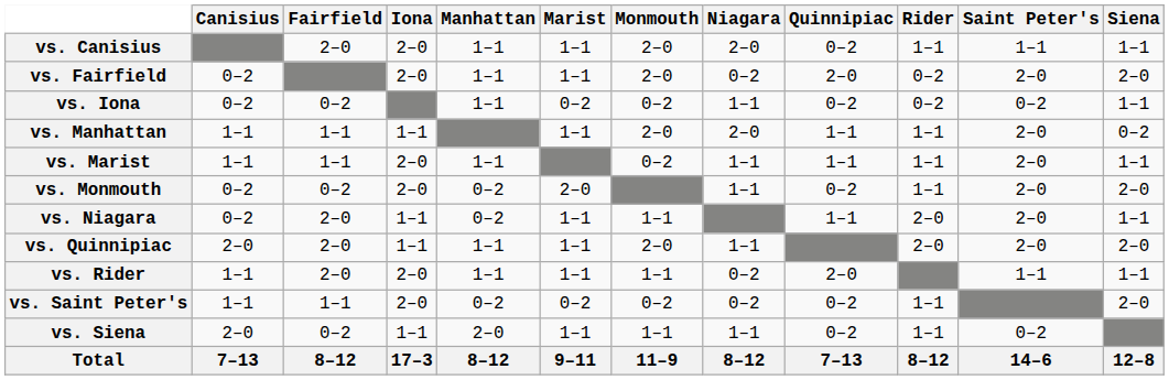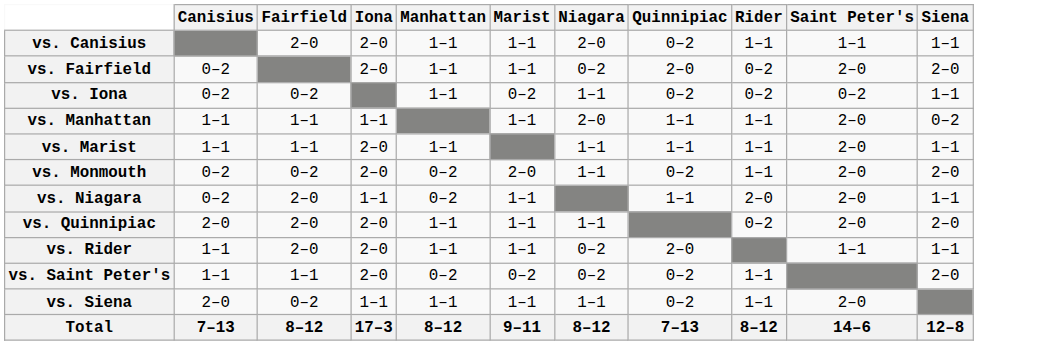 <table class="wikitable" style="white-space:nowrap;">
 <tr>
 <th colspan=1 style="background:white; border-top-style:hidden; border-left-style:hidden;"   width=75> </th>
 <th>Canisius</th>
 <th>Fairfield</th>
 <th>Iona</th>
 <th>Manhattan</th>
 <th>Marist</th>
-<th>Monmouth</th>
 <th>Niagara</th>
 <th>Quinnipiac</th>
 <th>Rider</th>
 <th>Saint Peter's</th>
 <th>Siena</th>
 </tr>
 <tr style="text-align:center;">
 <th>vs. Canisius</th>
 <td style="background:#848482;"></td>
 <td>2–0</td>
 <td>2–0</td>
 <td>1–1</td>
 <td>1–1</td>
 <td>2–0</td>
-<td>2–0</td>
 <td>0–2</td>
 <td>1–1</td>
 <td>1–1</td>
 <td>1–1</td>
 </tr>
 <tr style="text-align:center;">
 <th>vs. Fairfield</th>
 <td>0–2</td>
 <td style="background:#848482;"></td>
 <td>2–0</td>
 <td>1–1</td>
 <td>1–1</td>
-<td>2–0</td>
 <td>0–2</td>
 <td>2–0</td>
 <td>0–2</td>
 <td>2–0</td>
 <td>2–0</td>
 </tr>
 <tr style="text-align:center;">
 <th>vs. Iona</th>
 <td>0–2</td>
 <td>0–2</td>
 <td style="background:#848482;"></td>
 <td>1–1</td>
-<td>0–2</td>
 <td>0–2</td>
 <td>1–1</td>
 <td>0–2</td>
 <td>0–2</td>
 <td>0–2</td>
 <td>1–1</td>
 </tr>
 <tr style="text-align:center;">
 <th>vs. Manhattan</th>
 <td>1–1</td>
 <td>1–1</td>
 <td>1–1</td>
 <td style="background:#848482;"></td>
 <td>1–1</td>
 <td>2–0</td>
-<td>2–0</td>
 <td>1–1</td>
 <td>1–1</td>
 <td>2–0</td>
 <td>0–2</td>
 </tr>
 <tr style="text-align:center;">
 <th>vs. Marist</th>
 <td>1–1</td>
 <td>1–1</td>
 <td>2–0</td>
 <td>1–1</td>
 <td style="background:#848482;"></td>
-<td>0–2</td>
 <td>1–1</td>
 <td>1–1</td>
 <td>1–1</td>
 <td>2–0</td>
 <td>1–1</td>
 </tr>
 <tr style="text-align:center;">
 <th>vs. Monmouth</th>
 <td>0–2</td>
 <td>0–2</td>
 <td>2–0</td>
 <td>0–2</td>
 <td>2–0</td>
-<td style="background:#848482;"></td>
 <td>1–1</td>
 <td>0–2</td>
 <td>1–1</td>
 <td>2–0</td>
 <td>2–0</td>
 </tr>
 <tr style="text-align:center;">
 <th>vs. Niagara</th>
 <td>0–2</td>
 <td>2–0</td>
 <td>1–1</td>
 <td>0–2</td>
 <td>1–1</td>
-<td>1–1</td>
 <td style="background:#848482;"></td>
 <td>1–1</td>
 <td>2–0</td>
 <td>2–0</td>
 <td>1–1</td>
 </tr>
 <tr style="text-align:center;">
 <th>vs. Quinnipiac</th>
 <td>2–0</td>
 <td>2–0</td>
+<td>2–0</td>
 <td>1–1</td>
 <td>1–1</td>
 <td>1–1</td>
-<td>2–0</td>
-<td>1–1</td>
 <td style="background:#848482;"></td>
-<td>2–0</td>
+<td>0–2</td>
 <td>2–0</td>
 <td>2–0</td>
 </tr>
 <tr style="text-align:center;">
 <th>vs. Rider</th>
 <td>1–1</td>
 <td>2–0</td>
 <td>2–0</td>
-<td>1–1</td>
 <td>1–1</td>
 <td>1–1</td>
 <td>0–2</td>
 <td>2–0</td>
 <td style="background:#848482;"></td>
 <td>1–1</td>
 <td>1–1</td>
 </tr>
 <tr style="text-align:center;">
 <th>vs. Saint Peter's</th>
 <td>1–1</td>
 <td>1–1</td>
 <td>2–0</td>
 <td>0–2</td>
 <td>0–2</td>
 <td>0–2</td>
 <td>0–2</td>
-<td>0–2</td>
 <td>1–1</td>
 <td style="background:#848482;"></td>
 <td>2–0</td>
 </tr>
 <tr style="text-align:center;">
 <th>vs. Siena</th>
 <td>2–0</td>
 <td>0–2</td>
 <td>1–1</td>
-<td>2–0</td>
 <td>1–1</td>
 <td>1–1</td>
 <td>1–1</td>
 <td>0–2</td>
 <td>1–1</td>
-<td>0–2</td>
+<td>2–0</td>
 <td style="background:#848482;"></td>
 </tr>
 <tr style="text-align:center;">
 <th>Total</th>
 <th>7–13</th>
 <th>8–12</th>
 <th>17–3</th>
 <th>8–12</th>
 <th>9–11</th>
-<th>11–9</th>
 <th>8–12</th>
 <th>7–13</th>
 <th>8–12</th>
 <th>14–6</th>
 <th>12–8</th>
 </tr>
 </table>
